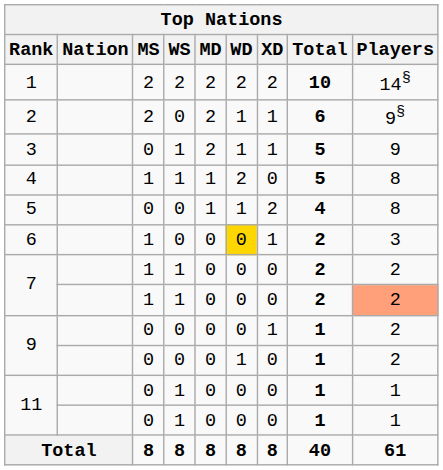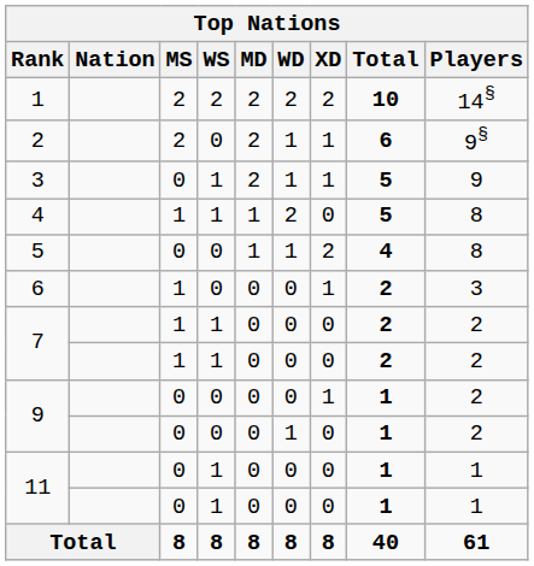 <table class="wikitable" style="text-align:center">
 <tr>
 <th colspan=10>Top Nations</th>
 </tr>
 <tr>
 <th>Rank</th>
 <th>Nation</th>
 <th>MS</th>
 <th>WS</th>
 <th>MD</th>
 <th>WD</th>
 <th>XD</th>
 <th>Total</th>
 <th>Players</th>
 </tr>
 <tr>
 <td>1</td>
 <td align=left></td>
 <td>2</td>
 <td>2</td>
 <td>2</td>
 <td>2</td>
 <td>2</td>
 <td><strong>10</strong></td>
 <td>14<sup>§</sup></td>
 </tr>
 <tr>
 <td>2</td>
 <td align=left></td>
 <td>2</td>
 <td>0</td>
 <td>2</td>
 <td>1</td>
 <td>1</td>
 <td><strong>6</strong></td>
 <td>9<sup>§</sup></td>
 </tr>
 <tr align=center>
 <td>3</td>
 <td align=left></td>
 <td>0</td>
 <td>1</td>
 <td>2</td>
 <td>1</td>
 <td>1</td>
 <td><strong>5</strong></td>
 <td>9</td>
 </tr>
 <tr>
 <td>4</td>
 <td align=left></td>
 <td>1</td>
 <td>1</td>
 <td>1</td>
 <td>2</td>
 <td>0</td>
 <td><strong>5</strong></td>
 <td>8</td>
 </tr>
 <tr align=center>
 <td>5</td>
 <td align=left></td>
 <td>0</td>
 <td>0</td>
 <td>1</td>
 <td>1</td>
 <td>2</td>
 <td><strong>4</strong></td>
 <td>8</td>
 </tr>
 <tr align=center>
 <td>6</td>
 <td align=left></td>
 <td>1</td>
 <td>0</td>
 <td>0</td>
-<td style="background: gold;">0</td>
+<td>0</td>
 <td>1</td>
 <td><strong>2</strong></td>
 <td>3</td>
 </tr>
 <tr align=center>
 <td rowspan=2>7</td>
 <td align=left></td>
 <td>1</td>
 <td>1</td>
 <td>0</td>
 <td>0</td>
 <td>0</td>
 <td><strong>2</strong></td>
 <td>2</td>
 </tr>
 <tr align=center>
 <td align=left></td>
 <td>1</td>
 <td>1</td>
 <td>0</td>
 <td>0</td>
 <td>0</td>
 <td><strong>2</strong></td>
-<td style="background: lightsalmon;">2</td>
+<td>2</td>
 </tr>
 <tr align=center>
 <td rowspan=2>9</td>
 <td align=left></td>
 <td>0</td>
 <td>0</td>
 <td>0</td>
 <td>0</td>
 <td>1</td>
 <td><strong>1</strong></td>
 <td>2</td>
 </tr>
 <tr align=center>
 <td align=left></td>
 <td>0</td>
 <td>0</td>
 <td>0</td>
 <td>1</td>
 <td>0</td>
 <td><strong>1</strong></td>
 <td>2</td>
 </tr>
 <tr align=center>
 <td rowspan=2>11</td>
 <td align=left></td>
 <td>0</td>
 <td>1</td>
 <td>0</td>
 <td>0</td>
 <td>0</td>
 <td><strong>1</strong></td>
 <td>1</td>
 </tr>
 <tr align=center>
 <td align=left></td>
 <td>0</td>
 <td>1</td>
 <td>0</td>
 <td>0</td>
 <td>0</td>
 <td><strong>1</strong></td>
 <td>1</td>
 </tr>
 <tr>
 <th colspan=2>Total</th>
 <td><strong>8</strong></td>
 <td><strong>8</strong></td>
 <td><strong>8</strong></td>
 <td><strong>8</strong></td>
 <td><strong>8</strong></td>
 <td><strong>40</strong></td>
 <td><strong>61</strong></td>
 </tr>
 </table>
